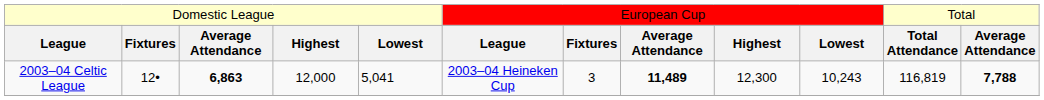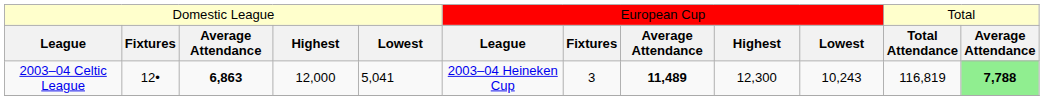 <table class="wikitable sortable" style="font-size:90%; width:90%;">
 <tr>
 <td colspan="5" class="wikitable sortable" style="width:45%; background:#ffffcc; text-align:center;"><span>Domestic League</span></td>
 <td colspan="5" class="wikitable sortable" style="width:45%; background:#f00; text-align:center;"><span>European Cup</span></td>
 <td colspan="2" class="wikitable sortable" style="width:45%; background:#ffffcc; text-align:center;"><span>Total</span></td>
 </tr>
 <tr>
 <th style="width:15%;">League</th>
 <th style="width:5%;">Fixtures</th>
 <th style="width:10%;">Average Attendance</th>
 <th style="width:10%;">Highest</th>
 <th style="width:10%;">Lowest</th>
 <th style="width:15%;">League</th>
 <th style="width:5%;">Fixtures</th>
 <th style="width:10%;">Average Attendance</th>
 <th style="width:10%;">Highest</th>
 <th style="width:10%;">Lowest</th>
 <th style="width:10%;">Total Attendance</th>
 <th style="width:10%;">Average Attendance</th>
 </tr>
 <tr>
 <td align=center><a href='#'>2003–04 Celtic League</a></td>
 <td align=center>12•</td>
 <td align=center><strong>6,863</strong></td>
 <td align=center>12,000</td>
 <td style=align=center>5,041</td>
 <td align=center><a href='#'>2003–04 Heineken Cup</a></td>
 <td align=center>3</td>
 <td align=center><strong>11,489</strong></td>
 <td align=center>12,300</td>
 <td align=center>10,243</td>
 <td align=center>116,819</td>
-<td align=center><strong>7,788</strong></td>
+<td align=center style="background: lightgreen;"><strong>7,788</strong></td>
 </tr>
 <tr>
 </tr>
 </table>
